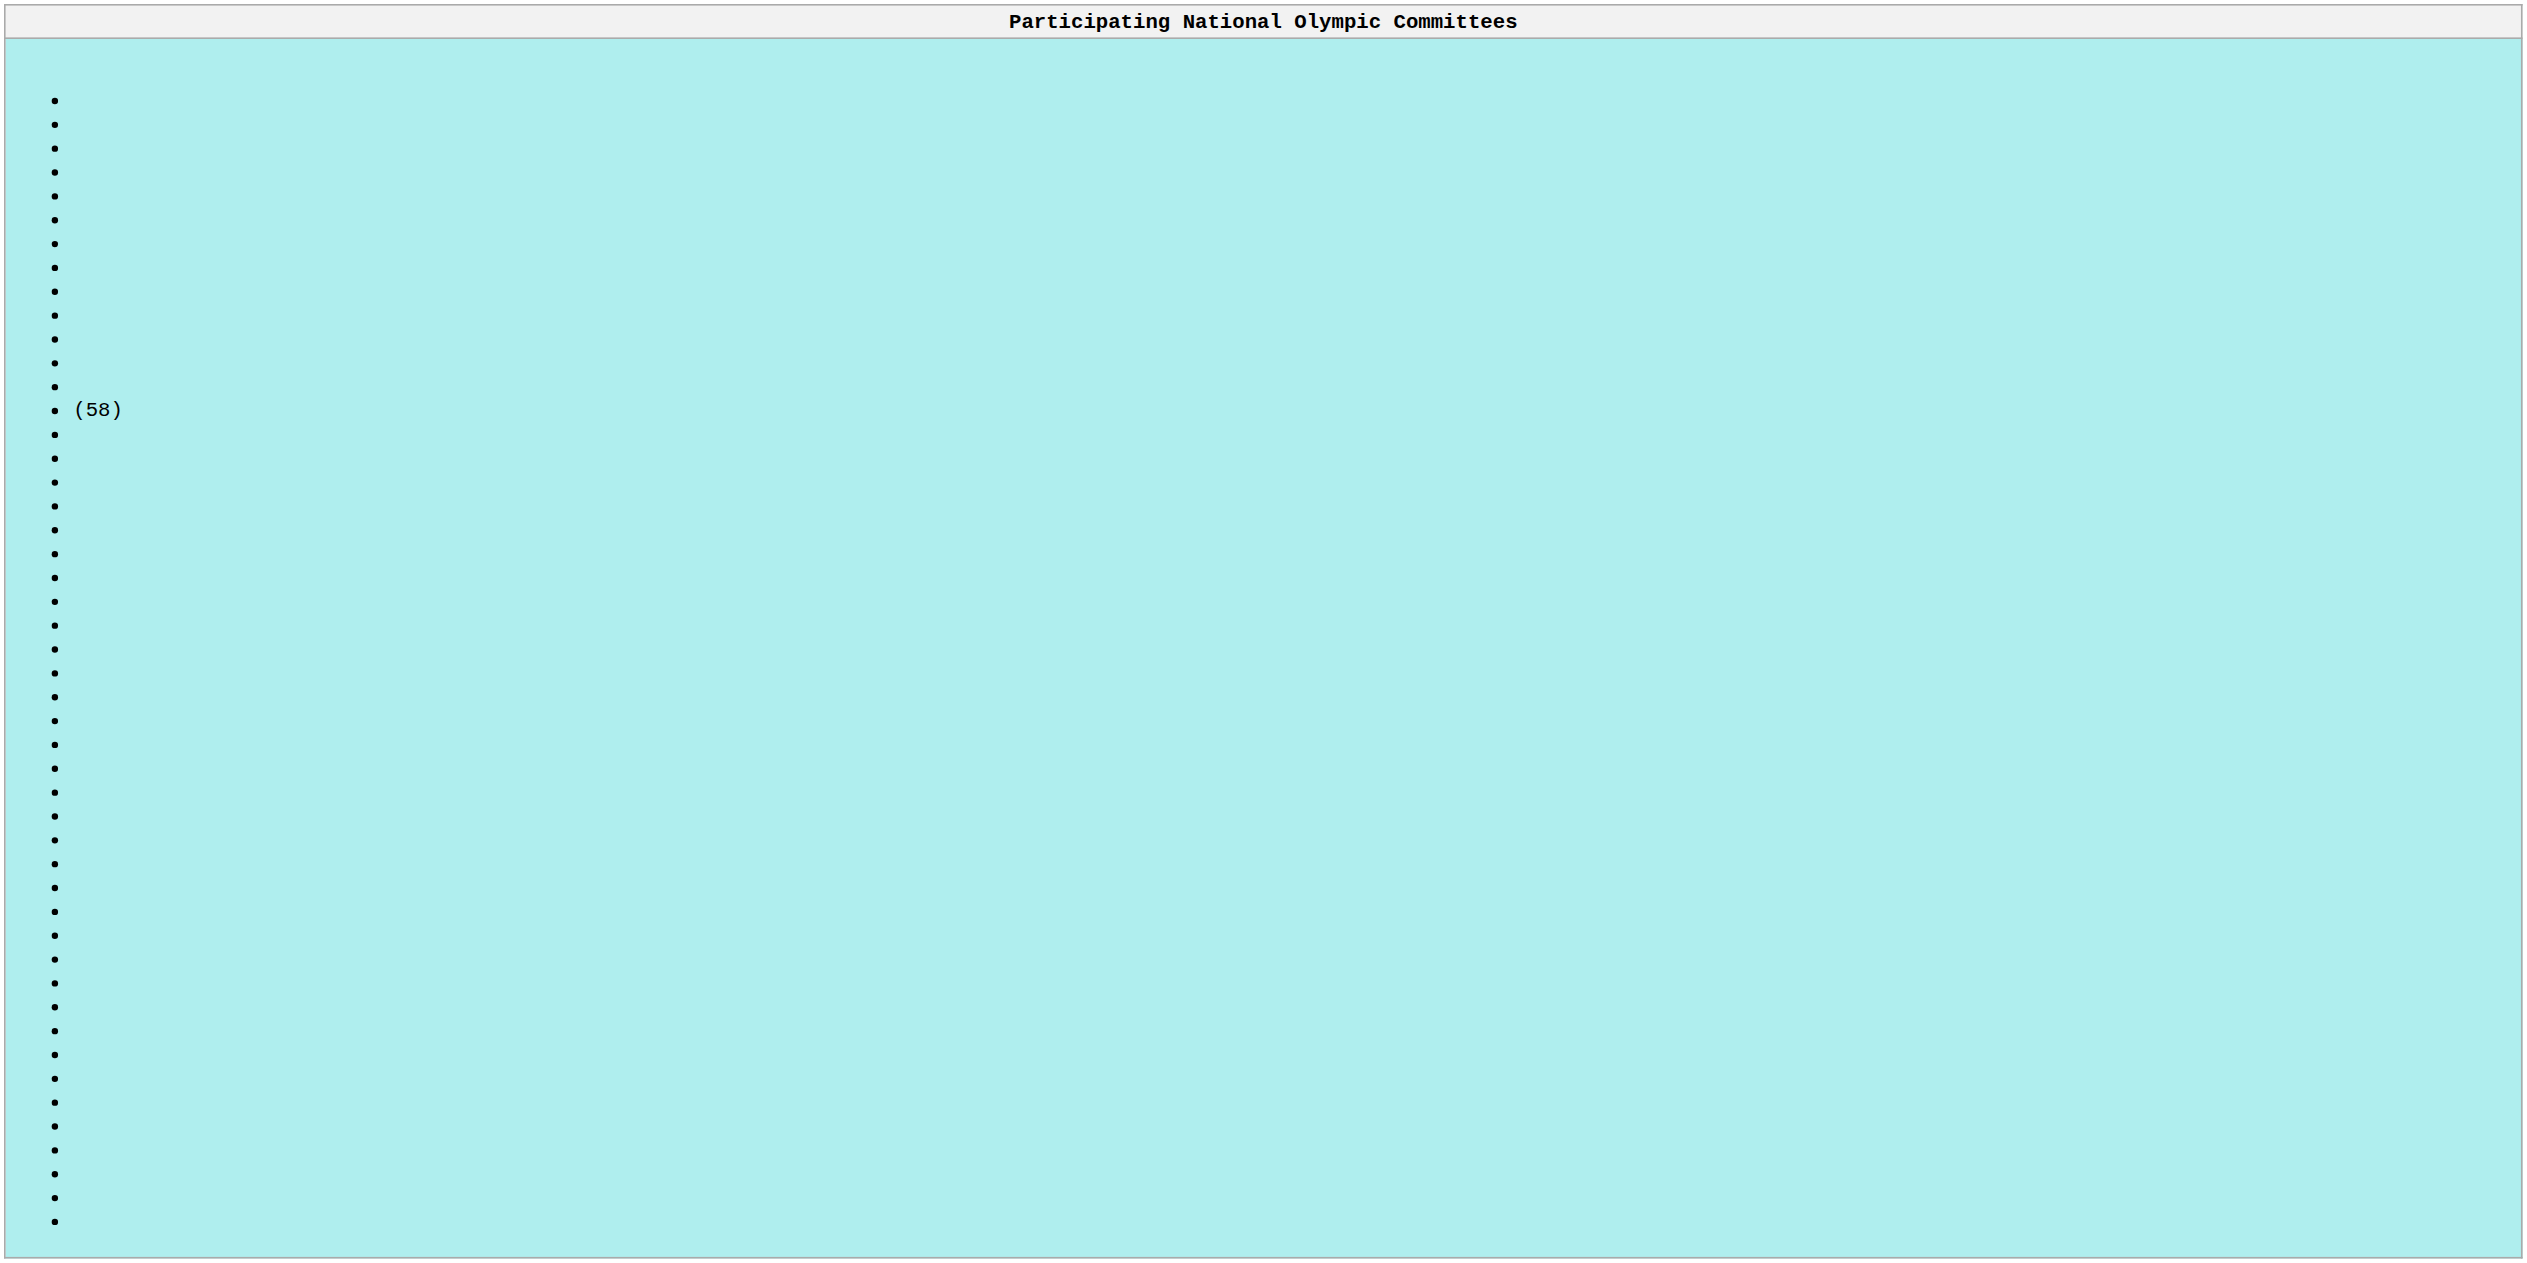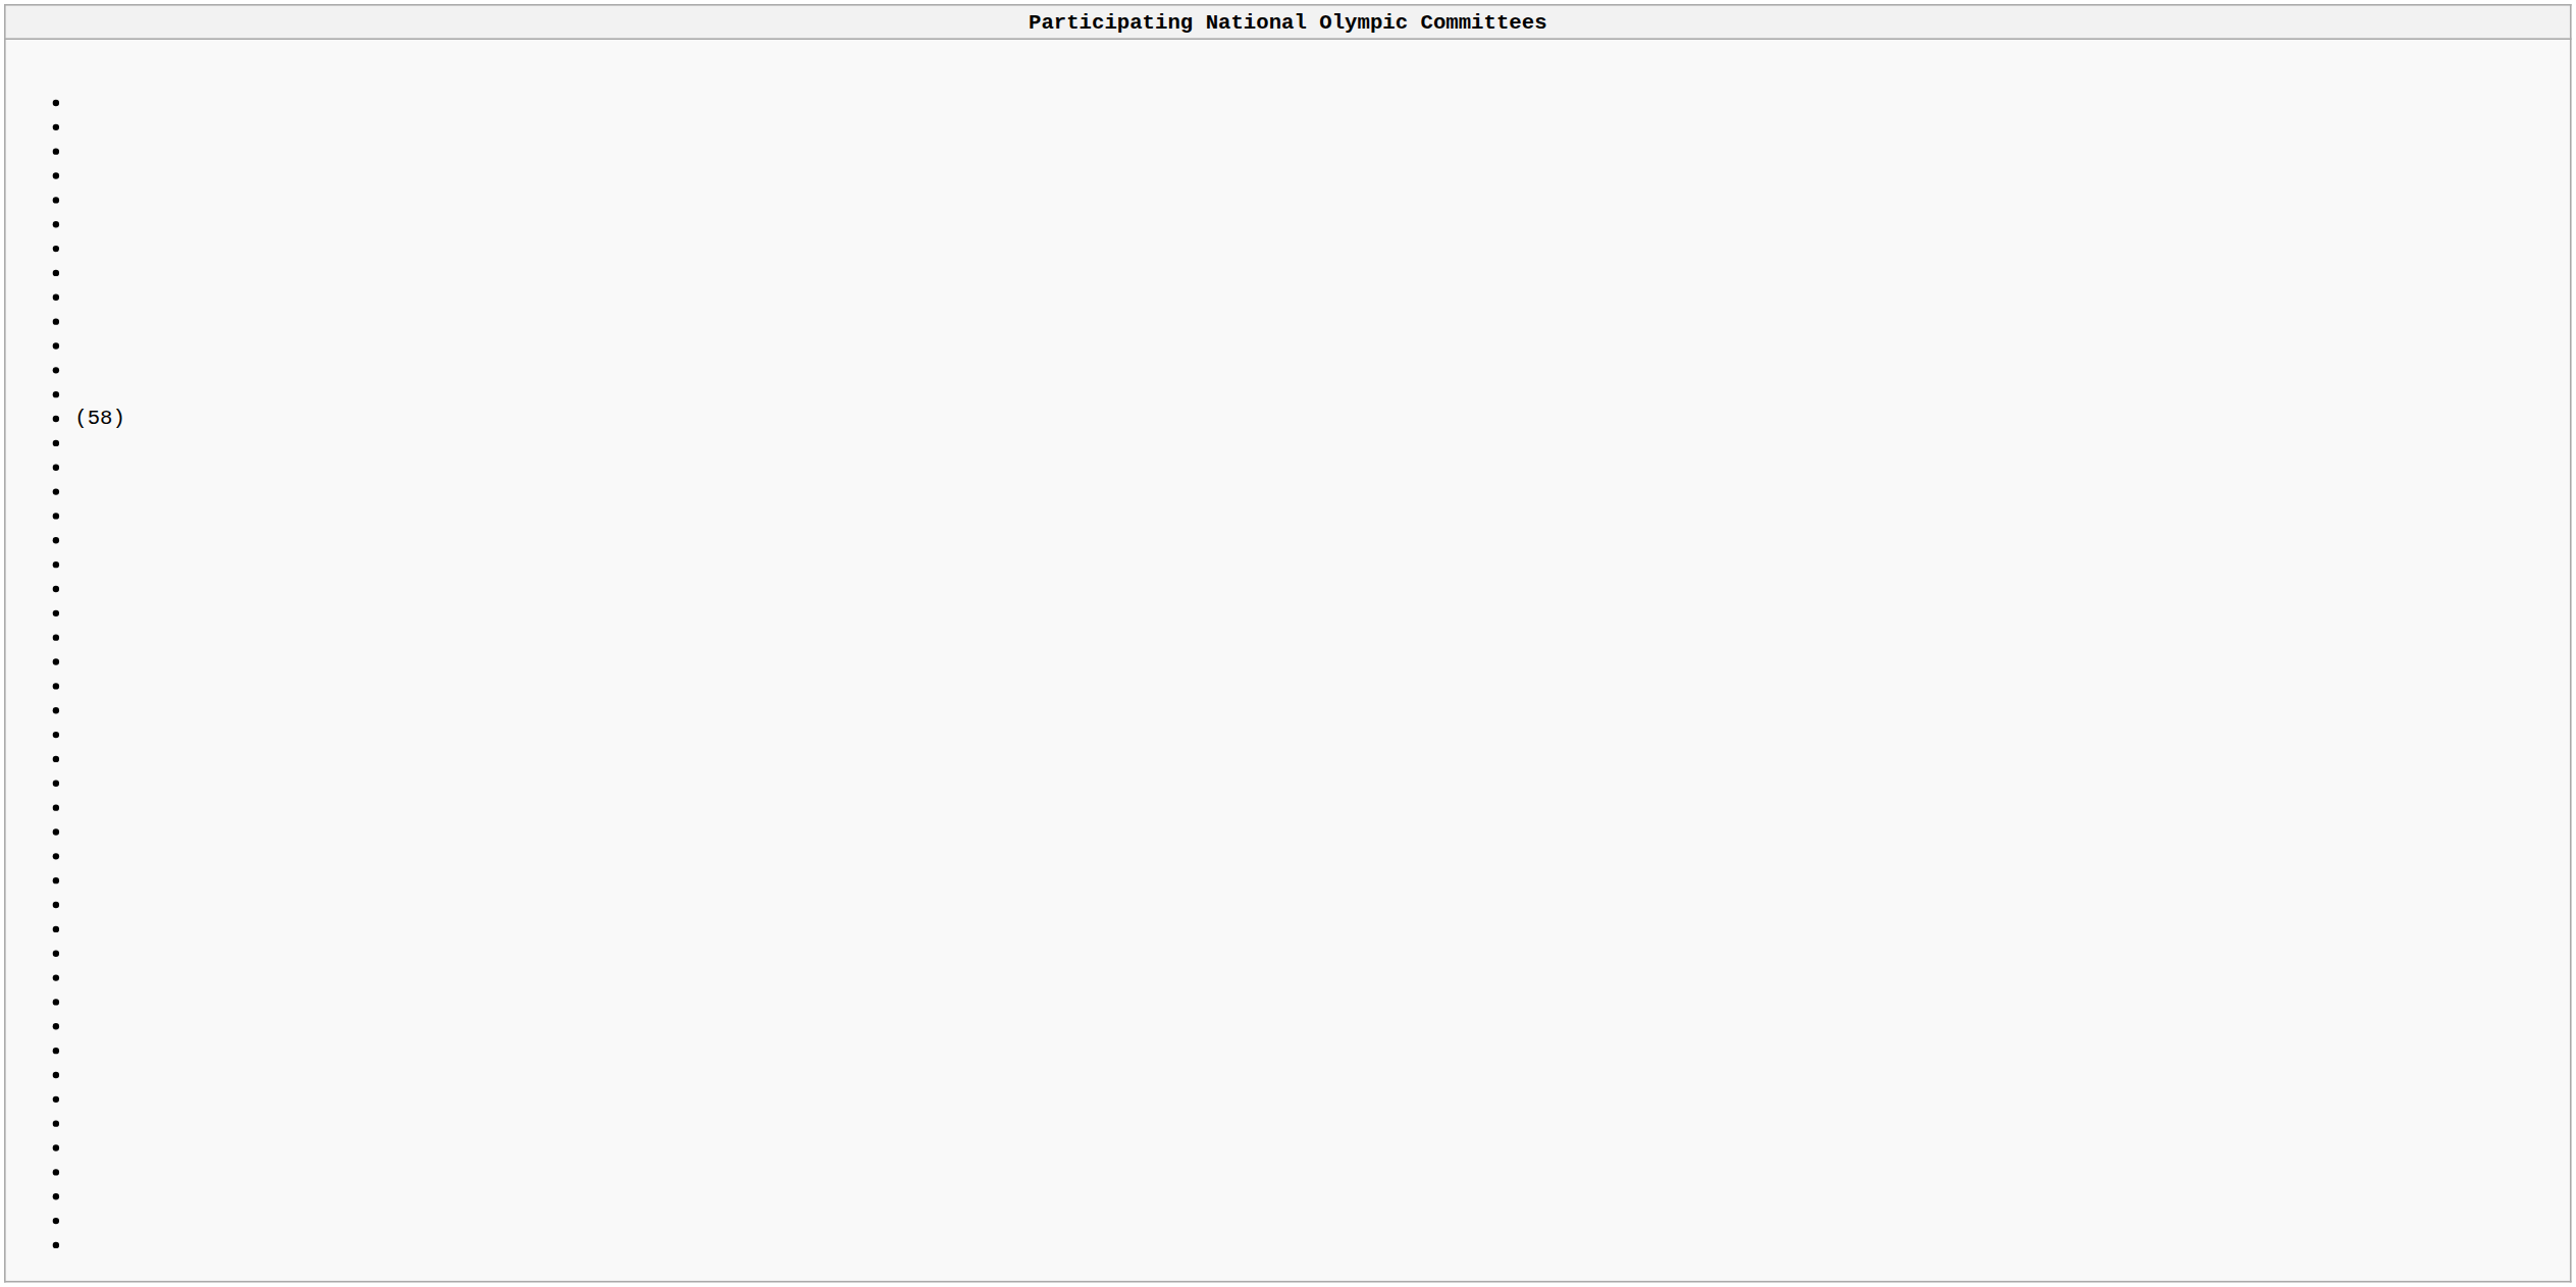 <table class="wikitable collapsible" style="width:100%;">
 <tr>
 <th>Participating National Olympic Committees</th>
 </tr>
 <tr>
-<td style="background: paleturquoise;"><br><ul><li></li><li></li><li></li><li></li><li></li><li></li><li></li><li></li><li></li><li></li><li></li><li></li><li></li><li> (58)</li><li></li><li></li><li></li><li></li><li></li><li></li><li></li><li></li><li></li><li></li><li></li><li></li><li></li><li></li><li></li><li></li><li></li><li></li><li></li><li></li><li></li><li></li><li></li><li></li><li></li><li></li><li></li><li></li><li></li><li></li><li></li><li></li><li></li><li></li></ul></td>
+<td><br><ul><li></li><li></li><li></li><li></li><li></li><li></li><li></li><li></li><li></li><li></li><li></li><li></li><li></li><li> (58)</li><li></li><li></li><li></li><li></li><li></li><li></li><li></li><li></li><li></li><li></li><li></li><li></li><li></li><li></li><li></li><li></li><li></li><li></li><li></li><li></li><li></li><li></li><li></li><li></li><li></li><li></li><li></li><li></li><li></li><li></li><li></li><li></li><li></li><li></li></ul></td>
 </tr>
 </table>
